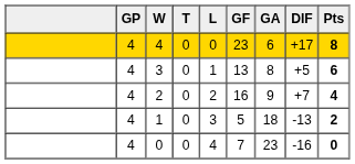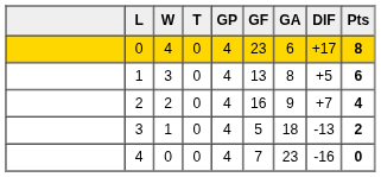 <table border=1 cellpadding=5 cellspacing=0>
 <tr>
 <th bgcolor="#efefef" width="120">　</th>
-<th bgcolor="#efefef" width="20">GP</th>
+<th bgcolor="#efefef" width="20">L</th>
 <th bgcolor="#efefef" width="20">W</th>
 <th bgcolor="#efefef" width="20">T</th>
-<th bgcolor="#efefef" width="20">L</th>
+<th bgcolor="#efefef" width="20">GP</th>
 <th bgcolor="#efefef" width="20">GF</th>
 <th bgcolor="#efefef" width="20">GA</th>
 <th bgcolor="#efefef" width="20">DIF</th>
 <th bgcolor="#efefef" width="20">Pts</th>
 </tr>
 <tr align=center bgcolor= gold>
 <td align=left><strong></strong></td>
-<td>4</td>
+<td>0</td>
 <td>4</td>
 <td>0</td>
-<td>0</td>
+<td>4</td>
 <td>23</td>
 <td>6</td>
 <td>+17</td>
 <td><strong>8</strong></td>
 </tr>
 <tr align=center>
 <td align=left></td>
-<td>4</td>
+<td>1</td>
 <td>3</td>
 <td>0</td>
-<td>1</td>
+<td>4</td>
 <td>13</td>
 <td>8</td>
 <td>+5</td>
 <td><strong>6</strong></td>
 </tr>
 <tr align=center>
 <td align=left></td>
-<td>4</td>
+<td>2</td>
 <td>2</td>
 <td>0</td>
-<td>2</td>
+<td>4</td>
 <td>16</td>
 <td>9</td>
 <td>+7</td>
 <td><strong>4</strong></td>
 </tr>
 <tr align=center>
 <td align=left></td>
-<td>4</td>
+<td>3</td>
 <td>1</td>
 <td>0</td>
-<td>3</td>
+<td>4</td>
 <td>5</td>
 <td>18</td>
 <td>-13</td>
 <td><strong>2</strong></td>
 </tr>
 <tr align=center>
 <td align=left></td>
 <td>4</td>
 <td>0</td>
 <td>0</td>
 <td>4</td>
 <td>7</td>
 <td>23</td>
 <td>-16</td>
 <td><strong>0</strong></td>
 </tr>
 </table>
